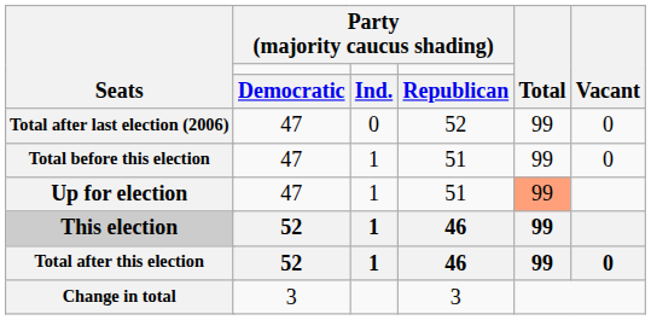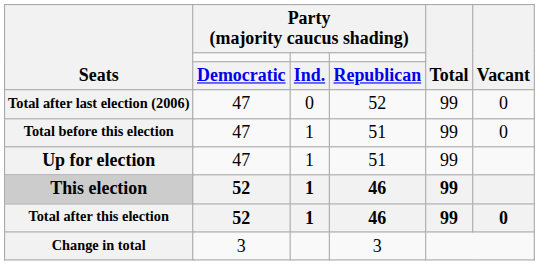 <table class=wikitable style="text-align:center">
 <tr style="vertical-align:bottom;">
 <th rowspan=3 colspan=2>Seats</th>
 <th colspan=3>Party <div>(majority caucus shading)</div></th>
 <th rowspan=3>Total</th>
 <th rowspan=3>Vacant</th>
 </tr>
 <tr style="height:5px">
 <td style="background-color:"></td>
 <td style="background-color:"></td>
 <td style="background-color:"></td>
 </tr>
 <tr>
 <th><a href='#'>Democratic</a></th>
 <th><a href='#'>Ind.</a></th>
 <th><a href='#'>Republican</a></th>
 </tr>
 <tr>
 <th nowrap style="font-size:80%" colspan=2>Total after last election (2006)</th>
 <td>47</td>
 <td>0</td>
 <td>52</td>
 <td>99</td>
 <td>0</td>
 </tr>
 <tr>
 <th nowrap style="font-size:80%" colspan=2>Total before this election</th>
 <td>47</td>
 <td>1</td>
 <td>51</td>
 <td>99</td>
 <td>0</td>
 </tr>
 <tr>
 <th colspan=2>Up for election</th>
 <td>47</td>
 <td>1</td>
 <td>51</td>
-<td style="background: lightsalmon;">99</td>
+<td>99</td>
 <td></td>
 </tr>
 <tr>
 <th style="background:#ccc" colspan=2>This election</th>
 <th>52</th>
 <th>1</th>
 <th>46</th>
 <th>99</th>
 <th></th>
 </tr>
 <tr>
 <th nowrap style="font-size:80%" colspan=2>Total after this election</th>
 <th>52</th>
 <th>1</th>
 <th>46</th>
 <th>99</th>
 <th>0</th>
 </tr>
 <tr>
 <th nowrap style="font-size:80%"  colspan=2>Change in total</th>
 <td> 3</td>
 <td></td>
 <td> 3</td>
 <td colspan="2"></td>
 </tr>
 </table>
